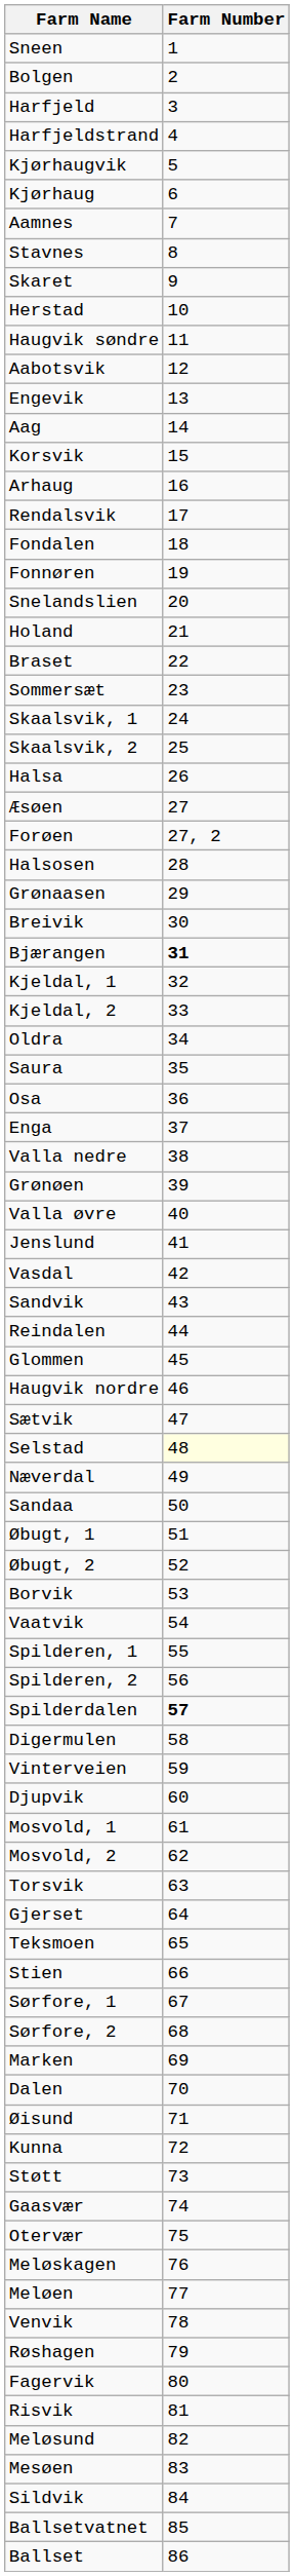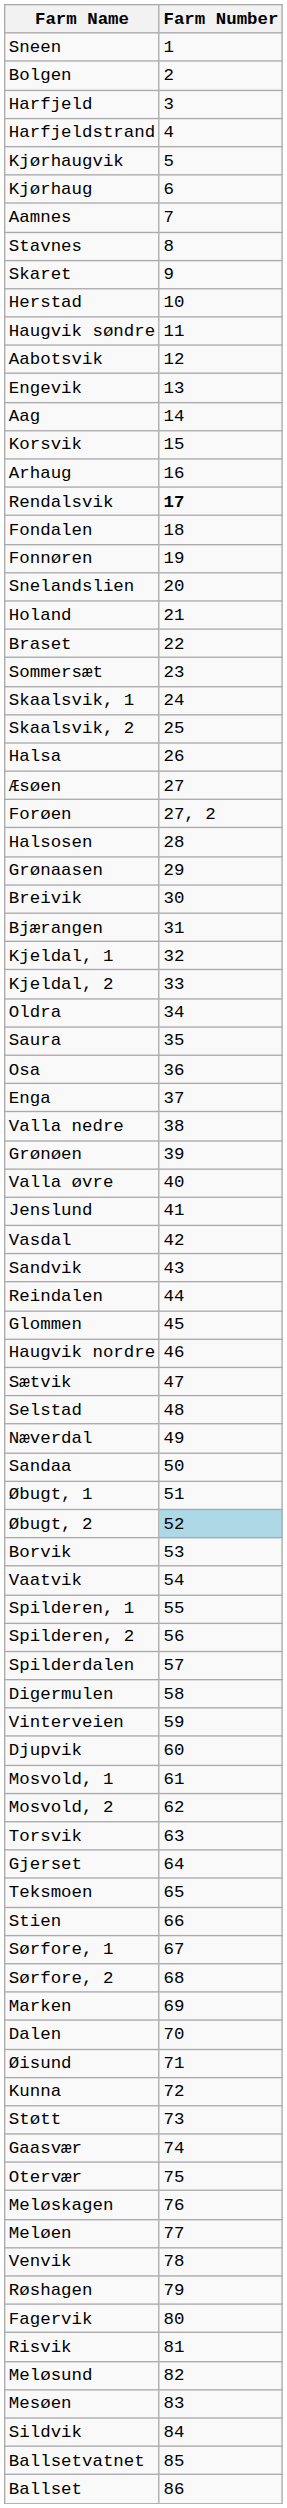 <table class="wikitable sortable mw-collapsible">
 <tr>
 <th>Farm Name</th>
 <th>Farm Number</th>
 </tr>
 <tr>
 <td>Sneen</td>
 <td>1</td>
 </tr>
 <tr>
 <td>Bolgen</td>
 <td>2</td>
 </tr>
 <tr>
 <td>Harfjeld</td>
 <td>3</td>
 </tr>
 <tr>
 <td>Harfjeldstrand</td>
 <td>4</td>
 </tr>
 <tr>
 <td>Kjørhaugvik</td>
 <td>5</td>
 </tr>
 <tr>
 <td>Kjørhaug</td>
 <td>6</td>
 </tr>
 <tr>
 <td>Aamnes</td>
 <td>7</td>
 </tr>
 <tr>
 <td>Stavnes</td>
 <td>8</td>
 </tr>
 <tr>
 <td>Skaret</td>
 <td>9</td>
 </tr>
 <tr>
 <td>Herstad</td>
 <td>10</td>
 </tr>
 <tr>
 <td>Haugvik søndre</td>
 <td>11</td>
 </tr>
 <tr>
 <td>Aabotsvik</td>
 <td>12</td>
 </tr>
 <tr>
 <td>Engevik</td>
 <td>13</td>
 </tr>
 <tr>
 <td>Aag</td>
 <td>14</td>
 </tr>
 <tr>
 <td>Korsvik</td>
 <td>15</td>
 </tr>
 <tr>
 <td>Arhaug</td>
 <td>16</td>
 </tr>
 <tr>
 <td>Rendalsvik</td>
-<td>17</td>
+<td><strong>17</strong></td>
 </tr>
 <tr>
 <td>Fondalen</td>
 <td>18</td>
 </tr>
 <tr>
 <td>Fonnøren</td>
 <td>19</td>
 </tr>
 <tr>
 <td>Snelandslien</td>
 <td>20</td>
 </tr>
 <tr>
 <td>Holand</td>
 <td>21</td>
 </tr>
 <tr>
 <td>Braset</td>
 <td>22</td>
 </tr>
 <tr>
 <td>Sommersæt</td>
 <td>23</td>
 </tr>
 <tr>
 <td>Skaalsvik, 1</td>
 <td>24</td>
 </tr>
 <tr>
 <td>Skaalsvik, 2</td>
 <td>25</td>
 </tr>
 <tr>
 <td>Halsa</td>
 <td>26</td>
 </tr>
 <tr>
 <td>Æsøen</td>
 <td>27</td>
 </tr>
 <tr>
 <td>Forøen</td>
 <td>27, 2</td>
 </tr>
 <tr>
 <td>Halsosen</td>
 <td>28</td>
 </tr>
 <tr>
 <td>Grønaasen</td>
 <td>29</td>
 </tr>
 <tr>
 <td>Breivik</td>
 <td>30</td>
 </tr>
 <tr>
 <td>Bjærangen</td>
-<td><strong>31</strong></td>
+<td>31</td>
 </tr>
 <tr>
 <td>Kjeldal, 1</td>
 <td>32</td>
 </tr>
 <tr>
 <td>Kjeldal, 2</td>
 <td>33</td>
 </tr>
 <tr>
 <td>Oldra</td>
 <td>34</td>
 </tr>
 <tr>
 <td>Saura</td>
 <td>35</td>
 </tr>
 <tr>
 <td>Osa</td>
 <td>36</td>
 </tr>
 <tr>
 <td>Enga</td>
 <td>37</td>
 </tr>
 <tr>
 <td>Valla nedre</td>
 <td>38</td>
 </tr>
 <tr>
 <td>Grønøen</td>
 <td>39</td>
 </tr>
 <tr>
 <td>Valla øvre</td>
 <td>40</td>
 </tr>
 <tr>
 <td>Jenslund</td>
 <td>41</td>
 </tr>
 <tr>
 <td>Vasdal</td>
 <td>42</td>
 </tr>
 <tr>
 <td>Sandvik</td>
 <td>43</td>
 </tr>
 <tr>
 <td>Reindalen</td>
 <td>44</td>
 </tr>
 <tr>
 <td>Glommen</td>
 <td>45</td>
 </tr>
 <tr>
 <td>Haugvik nordre</td>
 <td>46</td>
 </tr>
 <tr>
 <td>Sætvik</td>
 <td>47</td>
 </tr>
 <tr>
 <td>Selstad</td>
-<td style="background: lightyellow;">48</td>
+<td>48</td>
 </tr>
 <tr>
 <td>Næverdal</td>
 <td>49</td>
 </tr>
 <tr>
 <td>Sandaa</td>
 <td>50</td>
 </tr>
 <tr>
 <td>Øbugt, 1</td>
 <td>51</td>
 </tr>
 <tr>
 <td>Øbugt, 2</td>
-<td>52</td>
+<td style="background: lightblue;">52</td>
 </tr>
 <tr>
 <td>Borvik</td>
 <td>53</td>
 </tr>
 <tr>
 <td>Vaatvik</td>
 <td>54</td>
 </tr>
 <tr>
 <td>Spilderen, 1</td>
 <td>55</td>
 </tr>
 <tr>
 <td>Spilderen, 2</td>
 <td>56</td>
 </tr>
 <tr>
 <td>Spilderdalen</td>
-<td><strong>57</strong></td>
+<td>57</td>
 </tr>
 <tr>
 <td>Digermulen</td>
 <td>58</td>
 </tr>
 <tr>
 <td>Vinterveien</td>
 <td>59</td>
 </tr>
 <tr>
 <td>Djupvik</td>
 <td>60</td>
 </tr>
 <tr>
 <td>Mosvold, 1</td>
 <td>61</td>
 </tr>
 <tr>
 <td>Mosvold, 2</td>
 <td>62</td>
 </tr>
 <tr>
 <td>Torsvik</td>
 <td>63</td>
 </tr>
 <tr>
 <td>Gjerset</td>
 <td>64</td>
 </tr>
 <tr>
 <td>Teksmoen</td>
 <td>65</td>
 </tr>
 <tr>
 <td>Stien</td>
 <td>66</td>
 </tr>
 <tr>
 <td>Sørfore, 1</td>
 <td>67</td>
 </tr>
 <tr>
 <td>Sørfore, 2</td>
 <td>68</td>
 </tr>
 <tr>
 <td>Marken</td>
 <td>69</td>
 </tr>
 <tr>
 <td>Dalen</td>
 <td>70</td>
 </tr>
 <tr>
 <td>Øisund</td>
 <td>71</td>
 </tr>
 <tr>
 <td>Kunna</td>
 <td>72</td>
 </tr>
 <tr>
 <td>Støtt</td>
 <td>73</td>
 </tr>
 <tr>
 <td>Gaasvær</td>
 <td>74</td>
 </tr>
 <tr>
 <td>Otervær</td>
 <td>75</td>
 </tr>
 <tr>
 <td>Meløskagen</td>
 <td>76</td>
 </tr>
 <tr>
 <td>Meløen</td>
 <td>77</td>
 </tr>
 <tr>
 <td>Venvik</td>
 <td>78</td>
 </tr>
 <tr>
 <td>Røshagen</td>
 <td>79</td>
 </tr>
 <tr>
 <td>Fagervik</td>
 <td>80</td>
 </tr>
 <tr>
 <td>Risvik</td>
 <td>81</td>
 </tr>
 <tr>
 <td>Meløsund</td>
 <td>82</td>
 </tr>
 <tr>
 <td>Mesøen</td>
 <td>83</td>
 </tr>
 <tr>
 <td>Sildvik</td>
 <td>84</td>
 </tr>
 <tr>
 <td>Ballsetvatnet</td>
 <td>85</td>
 </tr>
 <tr>
 <td>Ballset</td>
 <td>86</td>
 </tr>
 </table>
